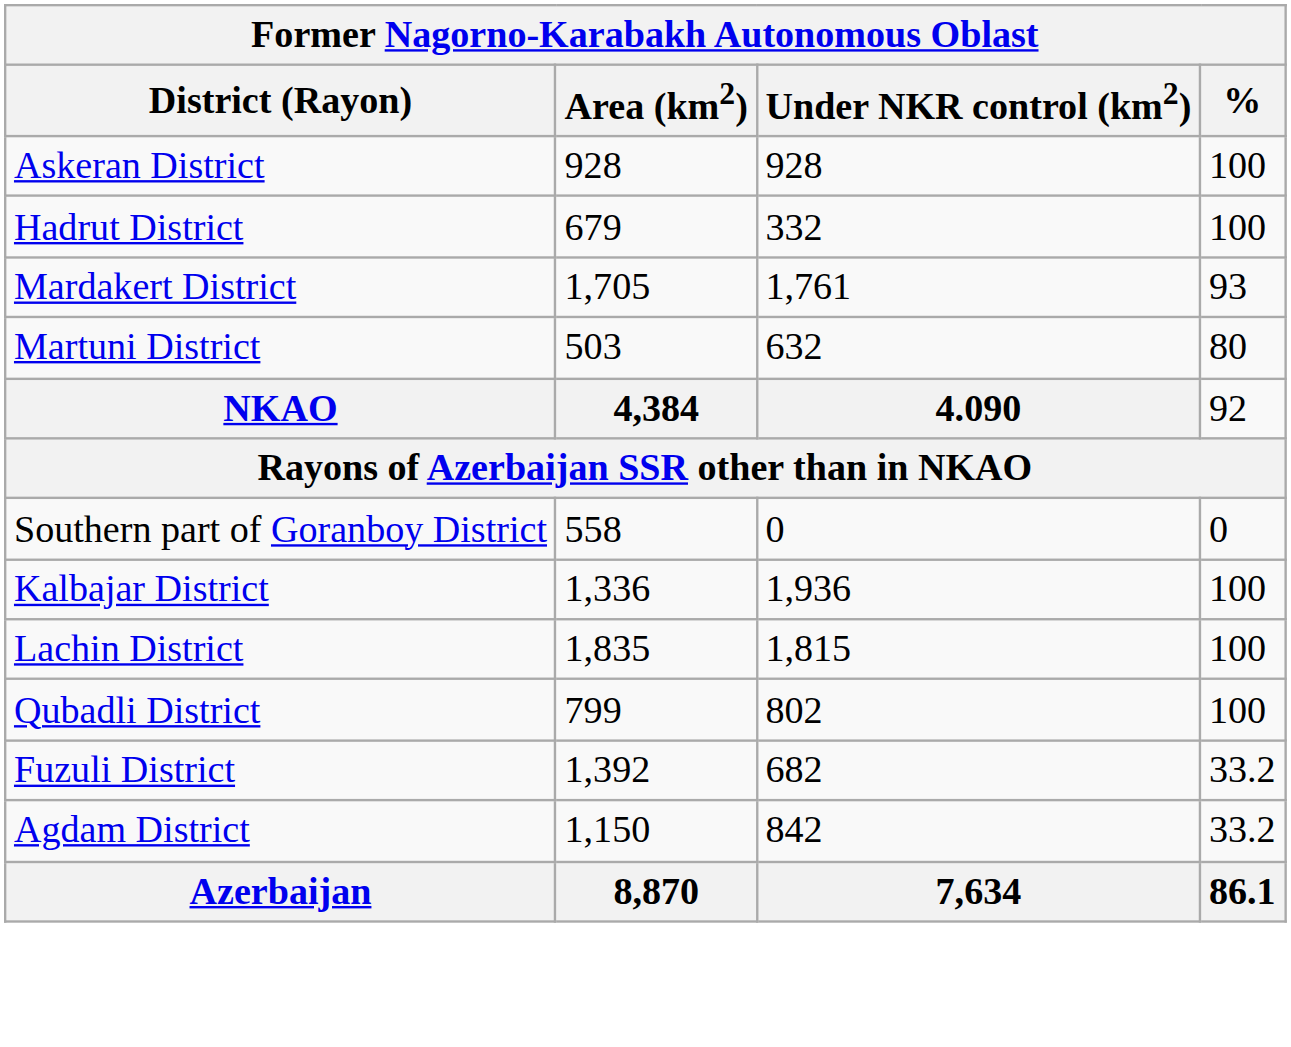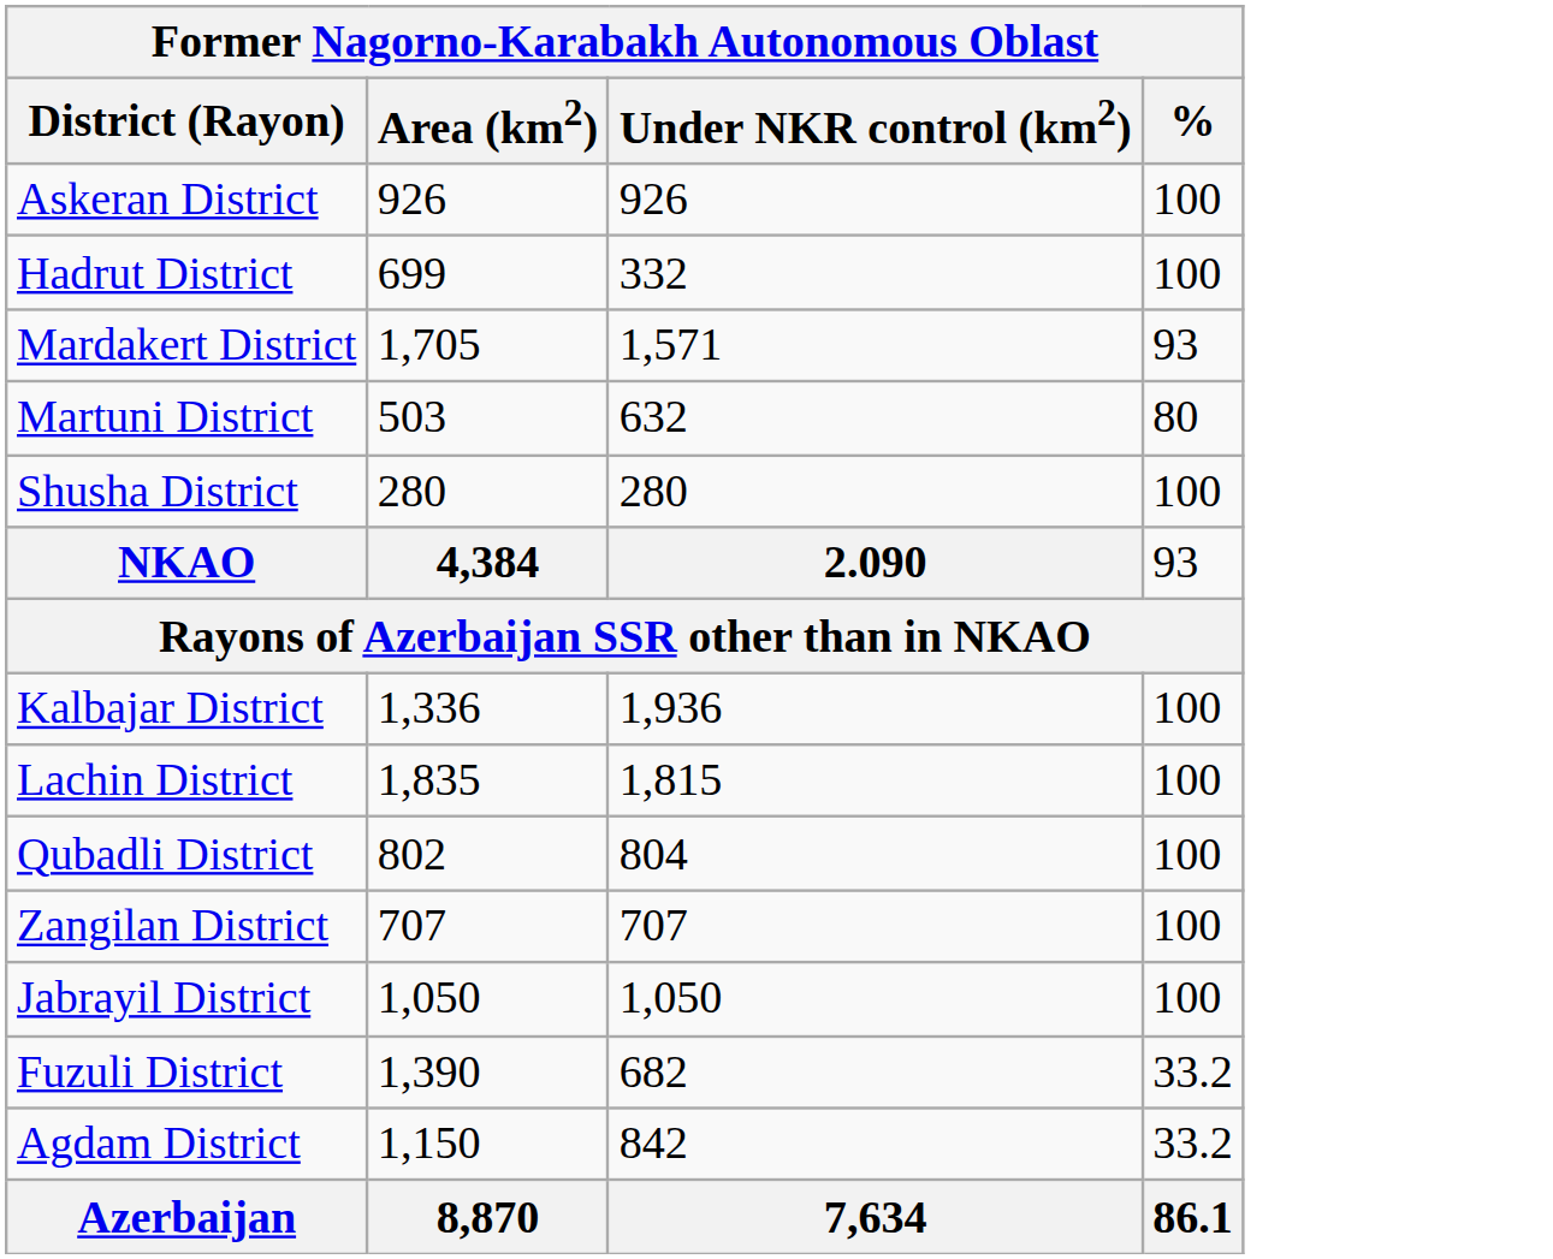 <table class="wikitable">
 <tr>
 <th colspan="4" style=="background:#efefef;">Former <a href='#'>Nagorno-Karabakh Autonomous Oblast</a></th>
 </tr>
 <tr>
 <th>District (Rayon)</th>
 <th>Area (km<sup>2</sup>)</th>
 <th>Under NKR control (km<sup>2</sup>)</th>
 <th>%</th>
 </tr>
 <tr>
 <td><a href='#'>Askeran District</a></td>
-<td>928</td>
-<td>928</td>
+<td>926</td>
+<td>926</td>
 <td>100</td>
 </tr>
 <tr>
 <td><a href='#'>Hadrut District</a></td>
-<td>679</td>
+<td>699</td>
 <td>332</td>
 <td>100</td>
 </tr>
 <tr>
 <td><a href='#'>Mardakert District</a></td>
 <td>1,705</td>
-<td>1,761</td>
+<td>1,571</td>
 <td>93</td>
 </tr>
 <tr>
 <td><a href='#'>Martuni District</a></td>
 <td>503</td>
 <td>632</td>
 <td>80</td>
 </tr>
 <tr>
+<td><a href='#'>Shusha District</a></td>
+<td>280</td>
+<td>280</td>
+<td>100</td>
+</tr>
+<tr>
 <th><a href='#'>NKAO</a></th>
 <th>4,384</th>
-<th>4.090</th>
-<td>92</td>
+<th>2.090</th>
+<td>93</td>
 </tr>
 <tr>
 <th colspan="4" style=="background:#efefef;">Rayons of <a href='#'>Azerbaijan SSR</a> other than in NKAO</th>
-</tr>
-<tr>
-<td>Southern part of <a href='#'>Goranboy District</a></td>
-<td>558</td>
-<td>0</td>
-<td>0</td>
 </tr>
 <tr>
 <td><a href='#'>Kalbajar District</a></td>
 <td>1,336</td>
 <td>1,936</td>
 <td>100</td>
 </tr>
 <tr>
 <td><a href='#'>Lachin District</a></td>
 <td>1,835</td>
 <td>1,815</td>
 <td>100</td>
 </tr>
 <tr>
 <td><a href='#'>Qubadli District</a></td>
-<td>799</td>
 <td>802</td>
+<td>804</td>
+<td>100</td>
+</tr>
+<tr>
+<td><a href='#'>Zangilan District</a></td>
+<td>707</td>
+<td>707</td>
+<td>100</td>
+</tr>
+<tr>
+<td><a href='#'>Jabrayil District</a></td>
+<td>1,050</td>
+<td>1,050</td>
 <td>100</td>
 </tr>
 <tr>
 <td><a href='#'>Fuzuli District</a></td>
-<td>1,392</td>
+<td>1,390</td>
 <td>682</td>
 <td>33.2</td>
 </tr>
 <tr>
 <td><a href='#'>Agdam District</a></td>
 <td>1,150</td>
 <td>842</td>
 <td>33.2</td>
 </tr>
 <tr>
 <th><a href='#'>Azerbaijan</a></th>
 <th>8,870</th>
 <th>7,634</th>
 <th>86.1</th>
 </tr>
 </table>
